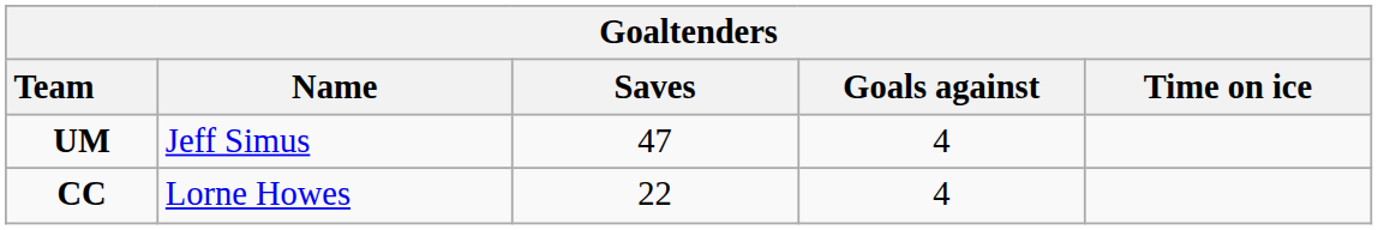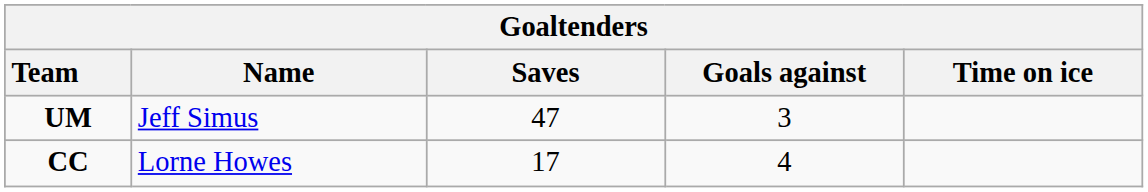 <table class="wikitable" style="width:40em; text-align:right;">
 <tr>
 <th colspan=5>Goaltenders</th>
 </tr>
 <tr>
 <th style="width:4em; text-align:left;">Team</th>
 <th style="width:10em;">Name</th>
 <th style="width:8em;">Saves</th>
 <th style="width:8em;">Goals against</th>
 <th style="width:8em;">Time on ice</th>
 </tr>
 <tr>
 <td align=center><strong>UM</strong></td>
 <td style="text-align:left;"><a href='#'>Jeff Simus</a></td>
 <td align=center>47</td>
-<td align=center>4</td>
+<td align=center>3</td>
 <td align=center></td>
 </tr>
 <tr>
 <td align=center><strong>CC</strong></td>
 <td style="text-align:left;"><a href='#'>Lorne Howes</a></td>
-<td align=center>22</td>
+<td align=center>17</td>
 <td align=center>4</td>
 <td align=center></td>
 </tr>
 </table>
